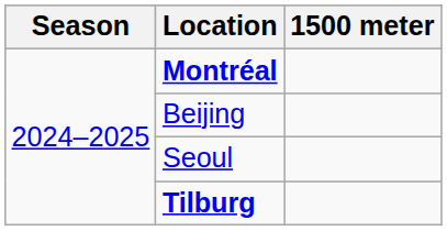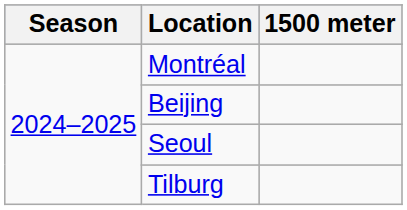 <table class="wikitable" style="display: inline-table;">
 <tr align="center" bgcolor="#b0c4de">
 <th>Season</th>
 <th>Location</th>
 <th>1500 meter</th>
 </tr>
 <tr>
 <td rowspan=4><a href='#'>2024–2025</a></td>
-<td><strong> <a href='#'>Montréal</a></strong></td>
+<td> <a href='#'>Montréal</a></td>
 <td style="text-align:center;"></td>
 </tr>
 <tr>
 <td> <a href='#'>Beijing</a></td>
 <td style="text-align:center;"></td>
 </tr>
 <tr>
 <td> <a href='#'>Seoul</a></td>
 <td style="text-align:center;"></td>
 </tr>
 <tr>
-<td><strong> <a href='#'>Tilburg</a></strong></td>
+<td> <a href='#'>Tilburg</a></td>
 <td style="text-align:center;"></td>
 </tr>
 </table>
